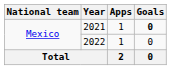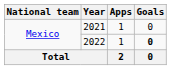 <table class="wikitable" style="text-align: center;">
 <tr>
 <th>National team</th>
 <th>Year</th>
 <th>Apps</th>
 <th>Goals</th>
 </tr>
 <tr>
 <td rowspan="2" valign="center"><a href='#'>Mexico</a></td>
 <td>2021</td>
 <td>1</td>
-<td><strong>0</strong></td>
+<td>0</td>
 </tr>
 <tr>
 <td>2022</td>
 <td>1</td>
-<td>0</td>
+<td><strong>0</strong></td>
 </tr>
 <tr>
 <th colspan="2">Total</th>
 <th>2</th>
 <th>0</th>
 </tr>
 </table>
